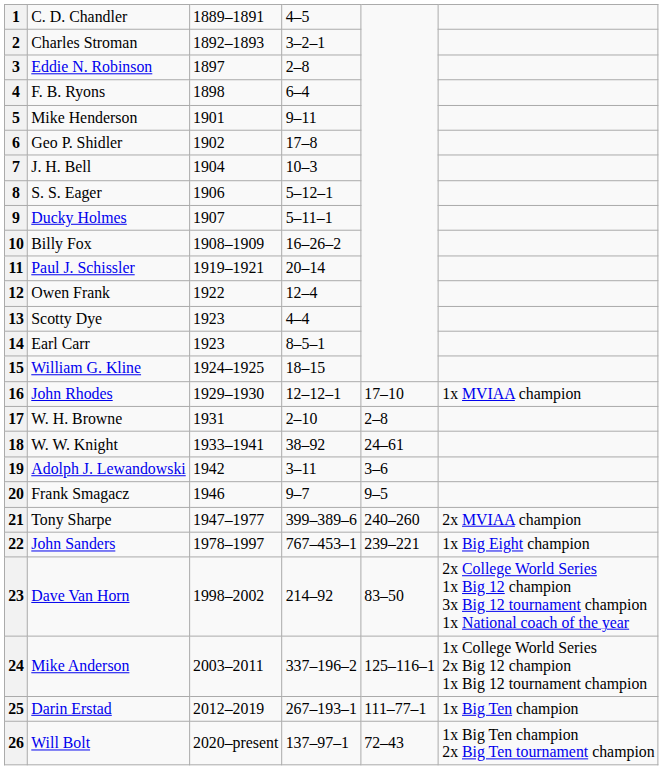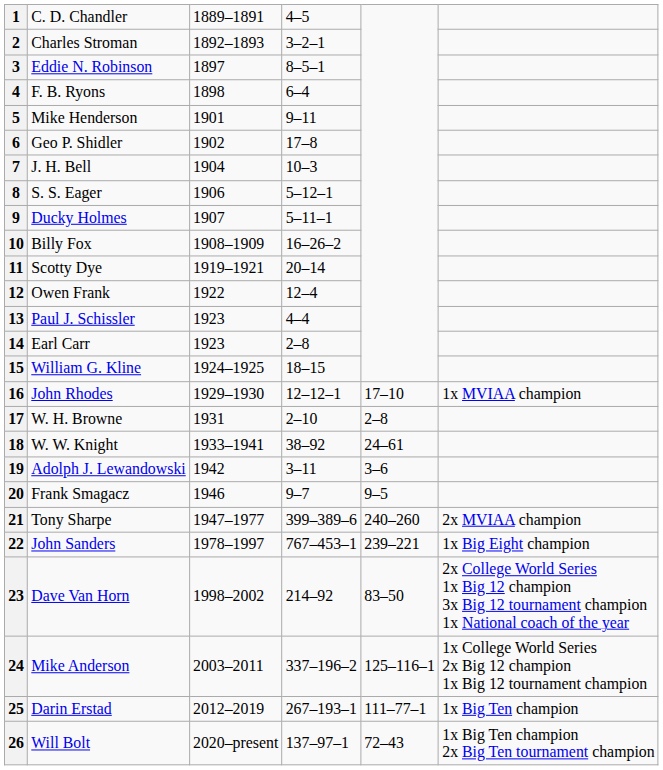 <table class=wikitable>
 <tr>
 <th>1</th>
 <td>C. D. Chandler</td>
 <td>1889–1891</td>
 <td>4–5 </td>
 <td rowspan=15></td>
 <td></td>
 </tr>
 <tr>
 <th>2</th>
 <td>Charles Stroman</td>
 <td>1892–1893</td>
 <td>3–2–1 </td>
 <td></td>
 </tr>
 <tr>
 <th>3</th>
 <td><a href='#'>Eddie N. Robinson</a></td>
 <td>1897</td>
-<td>2–8 </td>
+<td>8–5–1 </td>
 <td></td>
 </tr>
 <tr>
 <th>4</th>
 <td>F. B. Ryons</td>
 <td>1898</td>
 <td>6–4 </td>
 <td></td>
 </tr>
 <tr>
 <th>5</th>
 <td>Mike Henderson</td>
 <td>1901</td>
 <td>9–11 </td>
 <td></td>
 </tr>
 <tr>
 <th>6</th>
 <td>Geo P. Shidler</td>
 <td>1902</td>
 <td>17–8 </td>
 <td></td>
 </tr>
 <tr>
 <th>7</th>
 <td>J. H. Bell</td>
 <td>1904</td>
 <td>10–3 </td>
 <td></td>
 </tr>
 <tr>
 <th>8</th>
 <td>S. S. Eager</td>
 <td>1906</td>
 <td>5–12–1 </td>
 <td></td>
 </tr>
 <tr>
 <th>9</th>
 <td><a href='#'>Ducky Holmes</a></td>
 <td>1907</td>
 <td>5–11–1 </td>
 <td></td>
 </tr>
 <tr>
 <th>10</th>
 <td>Billy Fox</td>
 <td>1908–1909</td>
 <td>16–26–2 </td>
 <td></td>
 </tr>
 <tr>
 <th>11</th>
-<td><a href='#'>Paul J. Schissler</a></td>
+<td>Scotty Dye</td>
 <td>1919–1921</td>
 <td>20–14 </td>
 <td></td>
 </tr>
 <tr>
 <th>12</th>
 <td>Owen Frank</td>
 <td>1922</td>
 <td>12–4 </td>
 <td></td>
 </tr>
 <tr>
 <th>13</th>
-<td>Scotty Dye</td>
+<td><a href='#'>Paul J. Schissler</a></td>
 <td>1923</td>
 <td>4–4 </td>
 <td></td>
 </tr>
 <tr>
 <th>14</th>
 <td>Earl Carr</td>
 <td>1923</td>
-<td>8–5–1 </td>
+<td>2–8 </td>
 <td></td>
 </tr>
 <tr>
 <th>15</th>
 <td><a href='#'>William G. Kline</a></td>
 <td>1924–1925</td>
 <td>18–15 </td>
 <td></td>
 </tr>
 <tr>
 <th>16</th>
 <td><a href='#'>John Rhodes</a></td>
 <td>1929–1930</td>
 <td>12–12–1 </td>
 <td>17–10 </td>
 <td>1x <a href='#'>MVIAA</a> champion</td>
 </tr>
 <tr>
 <th>17</th>
 <td>W. H. Browne</td>
 <td>1931</td>
 <td>2–10 </td>
 <td>2–8 </td>
 <td></td>
 </tr>
 <tr>
 <th>18</th>
 <td>W. W. Knight</td>
 <td>1933–1941</td>
 <td>38–92 </td>
 <td>24–61 </td>
 <td></td>
 </tr>
 <tr>
 <th>19</th>
 <td><a href='#'>Adolph J. Lewandowski</a></td>
 <td>1942</td>
 <td>3–11 </td>
 <td>3–6 </td>
 <td></td>
 </tr>
 <tr>
 <th>20</th>
 <td>Frank Smagacz</td>
 <td>1946</td>
 <td>9–7 </td>
 <td>9–5 </td>
 <td></td>
 </tr>
 <tr>
 <th>21</th>
 <td>Tony Sharpe</td>
 <td>1947–1977</td>
 <td>399–389–6 </td>
 <td>240–260 </td>
 <td>2x <a href='#'>MVIAA</a> champion</td>
 </tr>
 <tr>
 <th>22</th>
 <td><a href='#'>John Sanders</a></td>
 <td>1978–1997</td>
 <td>767–453–1 </td>
 <td>239–221 </td>
 <td>1x <a href='#'>Big Eight</a> champion</td>
 </tr>
 <tr>
 <th>23</th>
 <td><a href='#'>Dave Van Horn</a></td>
 <td>1998–2002</td>
 <td>214–92 </td>
 <td>83–50 </td>
 <td>2x <a href='#'>College World Series</a> <br> 1x <a href='#'>Big 12</a> champion <br> 3x <a href='#'>Big 12 tournament</a> champion <br> 1x <a href='#'>National coach of the year</a></td>
 </tr>
 <tr>
 <th>24</th>
 <td><a href='#'>Mike Anderson</a></td>
 <td>2003–2011</td>
 <td>337–196–2 </td>
 <td>125–116–1 </td>
 <td>1x College World Series <br> 2x Big 12 champion <br> 1x Big 12 tournament champion</td>
 </tr>
 <tr>
 <th>25</th>
 <td><a href='#'>Darin Erstad</a></td>
 <td>2012–2019</td>
 <td>267–193–1 </td>
 <td>111–77–1 </td>
 <td>1x <a href='#'>Big Ten</a> champion</td>
 </tr>
 <tr>
 <th>26</th>
 <td><a href='#'>Will Bolt</a></td>
 <td>2020–present</td>
 <td>137–97–1 </td>
 <td>72–43 </td>
 <td>1x Big Ten champion <br> 2x <a href='#'>Big Ten tournament</a> champion</td>
 </tr>
 </table>
